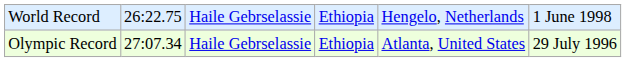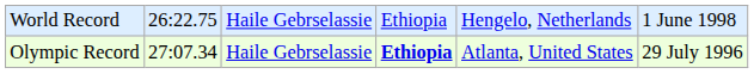 <table class="wikitable">
 <tr bgcolor = "ddeeff">
 <td>World Record</td>
 <td>26:22.75</td>
 <td><a href='#'>Haile Gebrselassie</a></td>
 <td><a href='#'>Ethiopia</a></td>
 <td><a href='#'>Hengelo</a>, <a href='#'>Netherlands</a></td>
 <td>1 June 1998</td>
 </tr>
 <tr bgcolor = "eeffdd">
 <td>Olympic Record</td>
 <td>27:07.34</td>
 <td><a href='#'>Haile Gebrselassie</a></td>
-<td><a href='#'>Ethiopia</a></td>
+<td><strong><a href='#'>Ethiopia</a></strong></td>
 <td><a href='#'>Atlanta</a>, <a href='#'>United States</a></td>
 <td>29 July 1996</td>
 </tr>
 </table>
